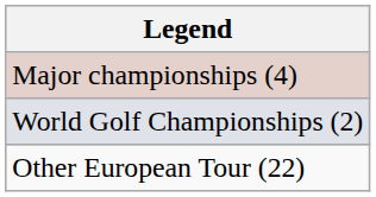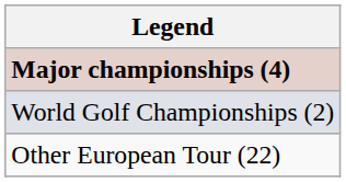 <table class="wikitable" style="font-size:95%;">
 <tr>
 <th>Legend</th>
 </tr>
 <tr style="background:#e5d1cb;">
-<td>Major championships (4)</td>
+<td><strong>Major championships (4)</strong></td>
 </tr>
 <tr style="background:#dfe2e9;">
 <td>World Golf Championships (2)</td>
 </tr>
 <tr>
 <td>Other European Tour (22)</td>
 </tr>
 </table>
